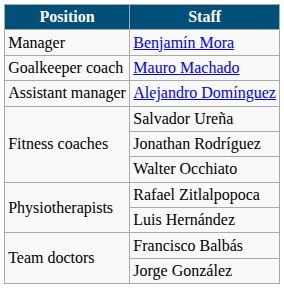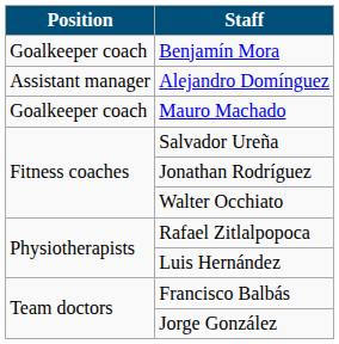 <table class="wikitable">
 <tr>
 <th style=background-color:#004F79;color:white>Position</th>
 <th style=background-color:#004F79;color:white>Staff</th>
 </tr>
 <tr>
-<td>Manager</td>
+<td>Goalkeeper coach</td>
 <td> <a href='#'>Benjamín Mora</a></td>
+</tr>
+<tr>
+<td>Assistant manager</td>
+<td> <a href='#'>Alejandro Domínguez</a></td>
 </tr>
 <tr>
 <td>Goalkeeper coach</td>
 <td> <a href='#'>Mauro Machado</a></td>
-</tr>
-<tr>
-<td>Assistant manager</td>
-<td> <a href='#'>Alejandro Domínguez</a></td>
 </tr>
 <tr>
 <td rowspan="3">Fitness coaches</td>
 <td> Salvador Ureña</td>
 </tr>
 <tr>
 <td> Jonathan Rodríguez</td>
 </tr>
 <tr>
 <td> Walter Occhiato</td>
 </tr>
 <tr>
 <td rowspan="2">Physiotherapists</td>
 <td> Rafael Zitlalpopoca</td>
 </tr>
 <tr>
 <td> Luis Hernández</td>
 </tr>
 <tr>
 <td rowspan="2">Team doctors</td>
 <td> Francisco Balbás</td>
 </tr>
 <tr>
 <td> Jorge González</td>
 </tr>
 </table>
